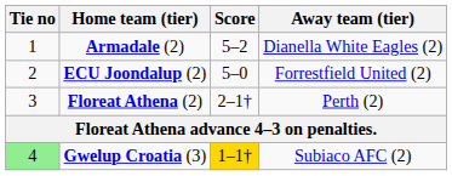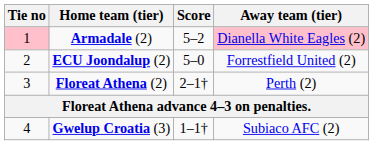 <table class="wikitable" style="text-align:center">
 <tr>
 <th>Tie no</th>
 <th>Home team (tier)</th>
 <th>Score</th>
 <th>Away team (tier)</th>
 </tr>
 <tr>
-<td>1</td>
+<td style="background: pink;">1</td>
 <td><strong><a href='#'>Armadale</a></strong> (2)</td>
 <td>5–2</td>
-<td><a href='#'>Dianella White Eagles</a> (2)</td>
+<td style="background: pink;"><a href='#'>Dianella White Eagles</a> (2)</td>
 </tr>
 <tr>
 <td>2</td>
 <td><strong><a href='#'>ECU Joondalup</a></strong> (2)</td>
 <td>5–0</td>
 <td><a href='#'>Forrestfield United</a> (2)</td>
 </tr>
 <tr>
 <td>3</td>
 <td><strong><a href='#'>Floreat Athena</a></strong> (2)</td>
 <td>2–1†</td>
 <td><a href='#'>Perth</a> (2)</td>
 </tr>
 <tr>
 <th colspan=4>Floreat Athena advance 4–3 on penalties.</th>
 </tr>
 <tr>
-<td style="background: lightgreen;">4</td>
+<td>4</td>
 <td><strong><a href='#'>Gwelup Croatia</a></strong> (3)</td>
-<td style="background: gold;">1–1†</td>
+<td>1–1†</td>
 <td><a href='#'>Subiaco AFC</a> (2)</td>
 </tr>
 </table>
